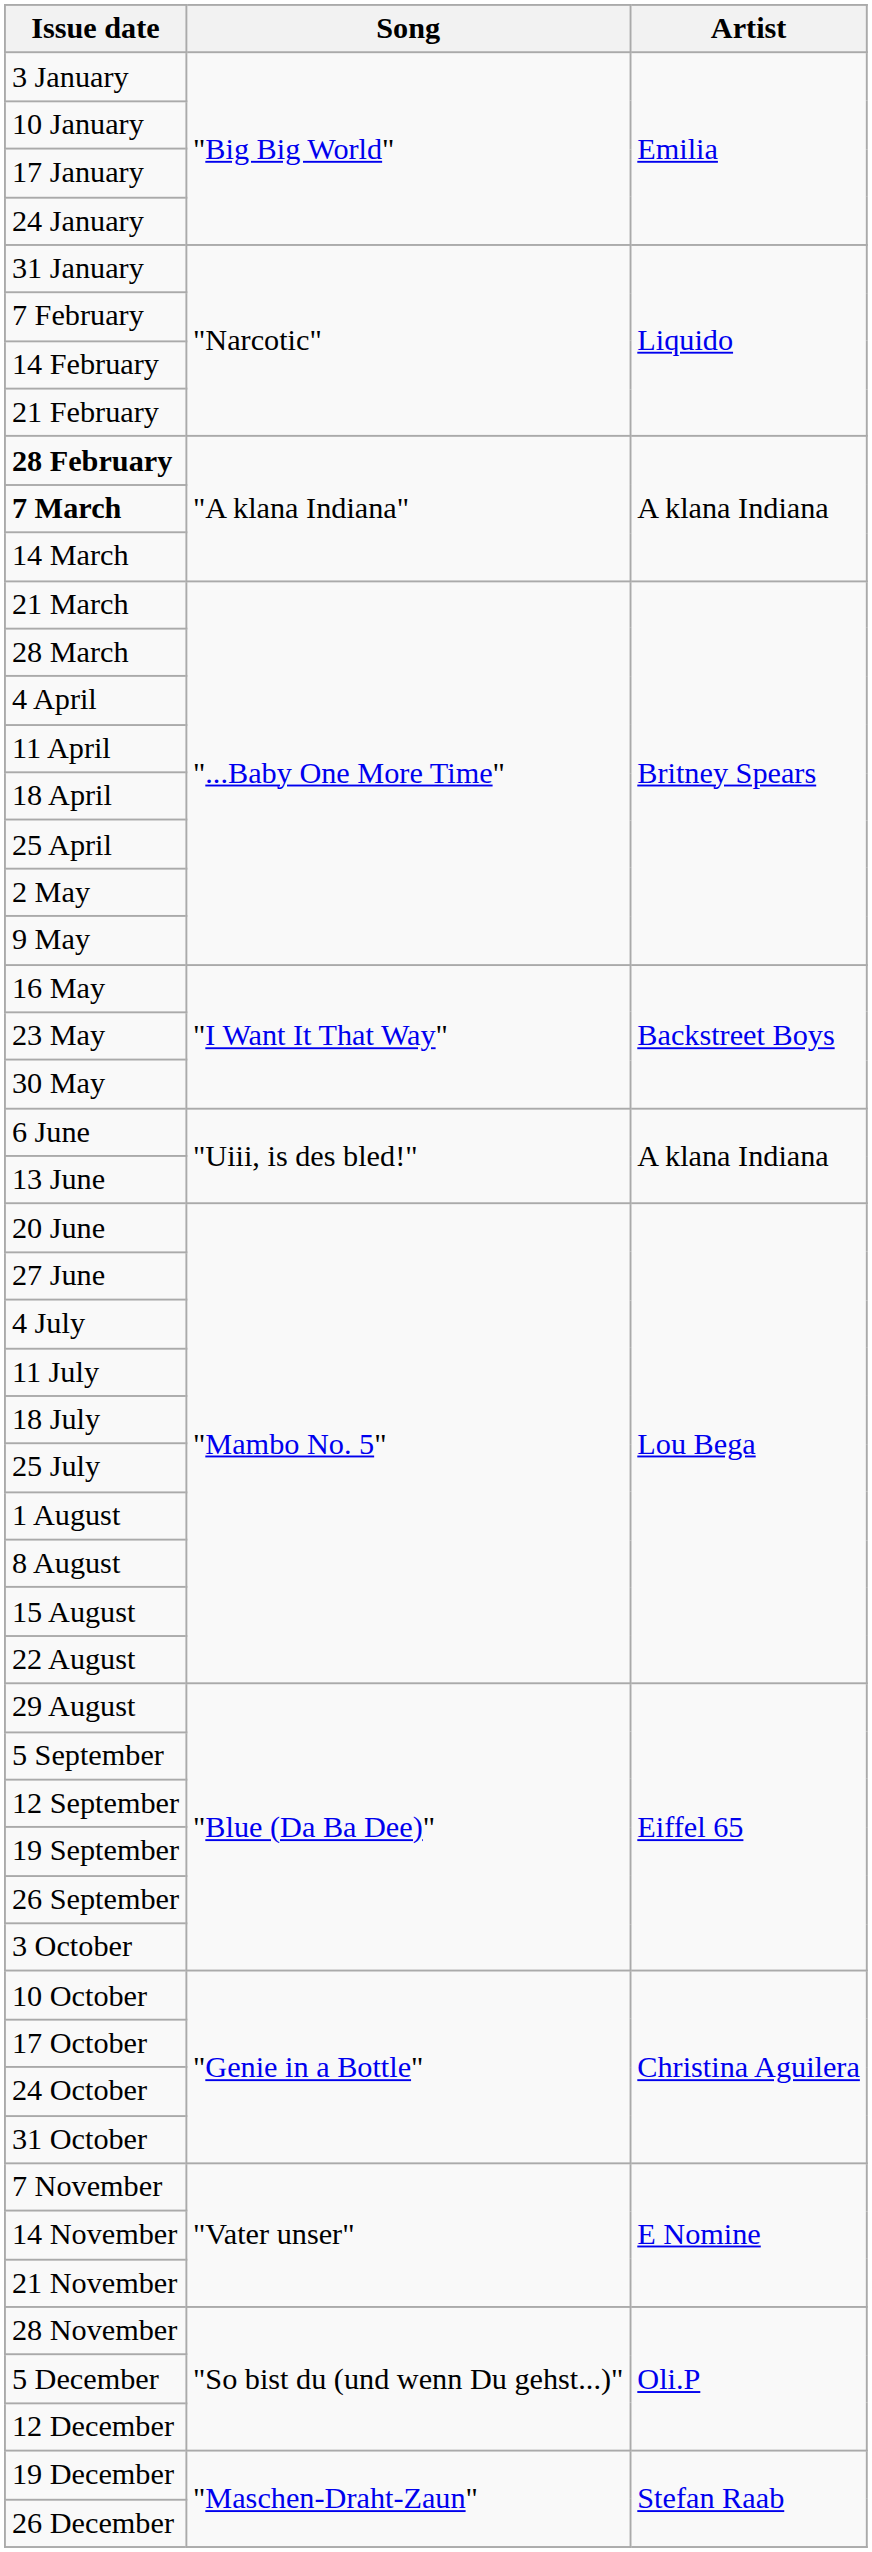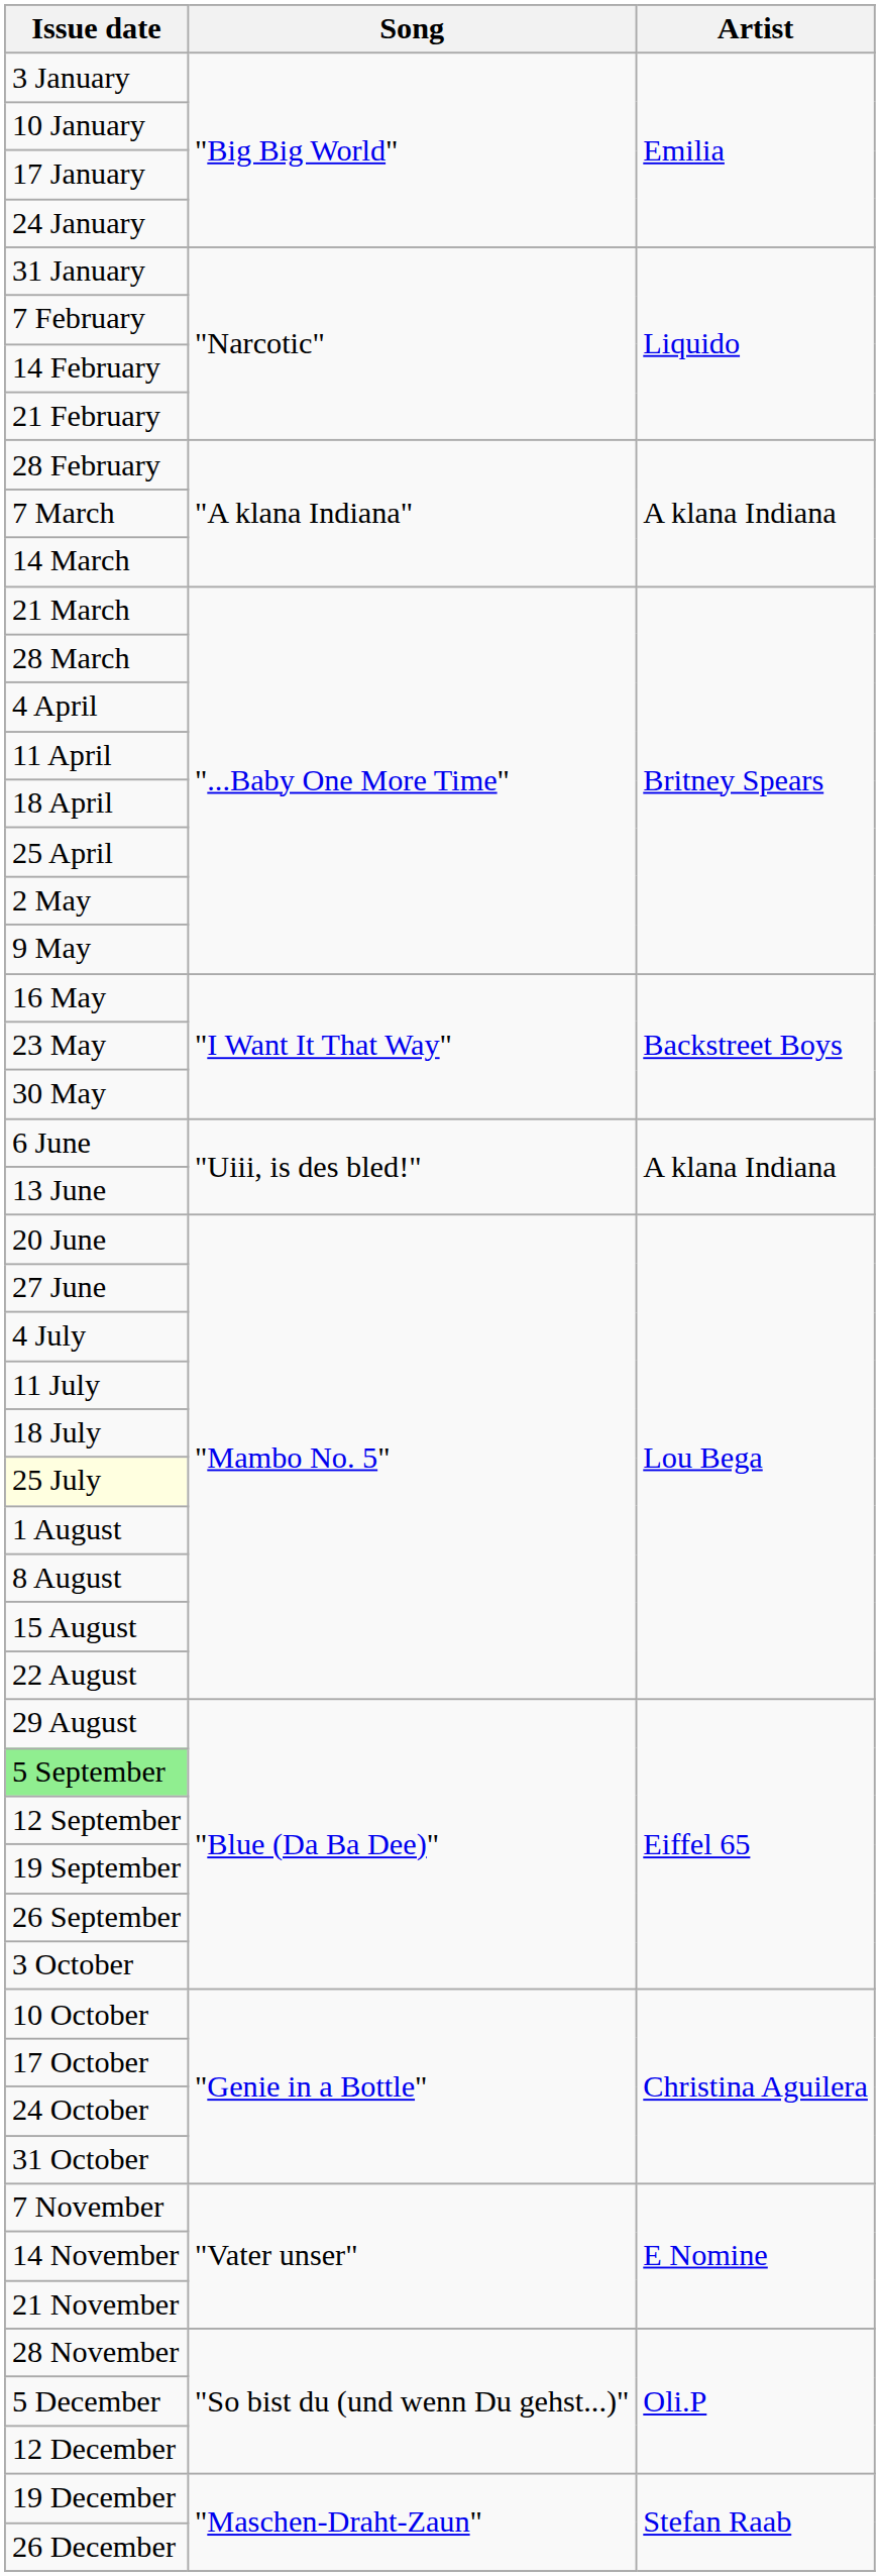 <table class=wikitable>
 <tr>
 <th>Issue date</th>
 <th>Song</th>
 <th>Artist</th>
 </tr>
 <tr>
 <td>3 January</td>
 <td rowspan=4>"<a href='#'>Big Big World</a>"</td>
 <td rowspan=4><a href='#'>Emilia</a></td>
 </tr>
 <tr>
 <td>10 January</td>
 </tr>
 <tr>
 <td>17 January</td>
 </tr>
 <tr>
 <td>24 January</td>
 </tr>
 <tr>
 <td>31 January</td>
 <td rowspan=4>"Narcotic"</td>
 <td rowspan=4><a href='#'>Liquido</a></td>
 </tr>
 <tr>
 <td>7 February</td>
 </tr>
 <tr>
 <td>14 February</td>
 </tr>
 <tr>
 <td>21 February</td>
 </tr>
 <tr>
-<td><strong>28 February</strong></td>
+<td>28 February</td>
 <td rowspan=3>"A klana Indiana"</td>
 <td rowspan=3>A klana Indiana</td>
 </tr>
 <tr>
-<td><strong>7 March</strong></td>
+<td>7 March</td>
 </tr>
 <tr>
 <td>14 March</td>
 </tr>
 <tr>
 <td>21 March</td>
 <td rowspan=8>"<a href='#'>...Baby One More Time</a>"</td>
 <td rowspan=8><a href='#'>Britney Spears</a></td>
 </tr>
 <tr>
 <td>28 March</td>
 </tr>
 <tr>
 <td>4 April</td>
 </tr>
 <tr>
 <td>11 April</td>
 </tr>
 <tr>
 <td>18 April</td>
 </tr>
 <tr>
 <td>25 April</td>
 </tr>
 <tr>
 <td>2 May</td>
 </tr>
 <tr>
 <td>9 May</td>
 </tr>
 <tr>
 <td>16 May</td>
 <td rowspan=3>"<a href='#'>I Want It That Way</a>"</td>
 <td rowspan=3><a href='#'>Backstreet Boys</a></td>
 </tr>
 <tr>
 <td>23 May</td>
 </tr>
 <tr>
 <td>30 May</td>
 </tr>
 <tr>
 <td>6 June</td>
 <td rowspan=2>"Uiii, is des bled!"</td>
 <td rowspan=2>A klana Indiana</td>
 </tr>
 <tr>
 <td>13 June</td>
 </tr>
 <tr>
 <td>20 June</td>
 <td rowspan=10>"<a href='#'>Mambo No. 5</a>"</td>
 <td rowspan=10><a href='#'>Lou Bega</a></td>
 </tr>
 <tr>
 <td>27 June</td>
 </tr>
 <tr>
 <td>4 July</td>
 </tr>
 <tr>
 <td>11 July</td>
 </tr>
 <tr>
 <td>18 July</td>
 </tr>
 <tr>
-<td>25 July</td>
+<td style="background: lightyellow;">25 July</td>
 </tr>
 <tr>
 <td>1 August</td>
 </tr>
 <tr>
 <td>8 August</td>
 </tr>
 <tr>
 <td>15 August</td>
 </tr>
 <tr>
 <td>22 August</td>
 </tr>
 <tr>
 <td>29 August</td>
 <td rowspan=6>"<a href='#'>Blue (Da Ba Dee)</a>"</td>
 <td rowspan=6><a href='#'>Eiffel 65</a></td>
 </tr>
 <tr>
-<td>5 September</td>
+<td style="background: lightgreen;">5 September</td>
 </tr>
 <tr>
 <td>12 September</td>
 </tr>
 <tr>
 <td>19 September</td>
 </tr>
 <tr>
 <td>26 September</td>
 </tr>
 <tr>
 <td>3 October</td>
 </tr>
 <tr>
 <td>10 October</td>
 <td rowspan=4>"<a href='#'>Genie in a Bottle</a>"</td>
 <td rowspan=4><a href='#'>Christina Aguilera</a></td>
 </tr>
 <tr>
 <td>17 October</td>
 </tr>
 <tr>
 <td>24 October</td>
 </tr>
 <tr>
 <td>31 October</td>
 </tr>
 <tr>
 <td>7 November</td>
 <td rowspan=3>"Vater unser"</td>
 <td rowspan=3><a href='#'>E Nomine</a></td>
 </tr>
 <tr>
 <td>14 November</td>
 </tr>
 <tr>
 <td>21 November</td>
 </tr>
 <tr>
 <td>28 November</td>
 <td rowspan=3>"So bist du (und wenn Du gehst...)"</td>
 <td rowspan=3><a href='#'>Oli.P</a></td>
 </tr>
 <tr>
 <td>5 December</td>
 </tr>
 <tr>
 <td>12 December</td>
 </tr>
 <tr>
 <td>19 December</td>
 <td rowspan=2>"<a href='#'>Maschen-Draht-Zaun</a>"</td>
 <td rowspan=2><a href='#'>Stefan Raab</a></td>
 </tr>
 <tr>
 <td>26 December</td>
 </tr>
 </table>
